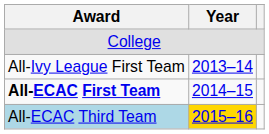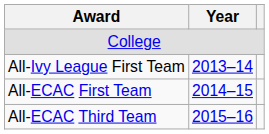 <table class="wikitable">
 <tr>
 <th>Award</th>
 <th>Year</th>
 <th></th>
 </tr>
 <tr ALIGN="center" bgcolor="#e0e0e0">
 <td colspan="3"><a href='#'>College</a></td>
 </tr>
 <tr>
 <td>All-<a href='#'>Ivy League</a> First Team</td>
 <td><a href='#'>2013–14</a></td>
 <td></td>
 </tr>
 <tr>
-<td><strong>All-<a href='#'>ECAC</a> <a href='#'>First Team</a></strong></td>
+<td>All-<a href='#'>ECAC</a> <a href='#'>First Team</a></td>
 <td><a href='#'>2014–15</a></td>
 <td></td>
 </tr>
 <tr>
-<td style="background: lightblue;">All-<a href='#'>ECAC</a> <a href='#'>Third Team</a></td>
-<td style="background: gold;"><a href='#'>2015–16</a></td>
+<td>All-<a href='#'>ECAC</a> <a href='#'>Third Team</a></td>
+<td><a href='#'>2015–16</a></td>
 <td></td>
 </tr>
 </table>
